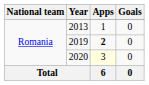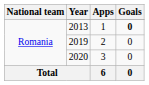 <table class="wikitable" style="text-align: center;">
 <tr>
 <th>National team</th>
 <th>Year</th>
 <th>Apps</th>
 <th>Goals</th>
 </tr>
 <tr>
 <td rowspan="4"><a href='#'>Romania</a></td>
 </tr>
 <tr>
 <td>2013</td>
 <td>1</td>
-<td>0</td>
+<td><strong>0</strong></td>
 </tr>
 <tr>
 <td>2019</td>
-<td><strong>2</strong></td>
+<td>2</td>
 <td>0</td>
 </tr>
 <tr>
 <td>2020</td>
-<td style="background: lightyellow;">3</td>
+<td>3</td>
 <td>0</td>
 </tr>
 <tr>
 <th colspan=2>Total</th>
 <th>6</th>
 <th>0</th>
 </tr>
 </table>
